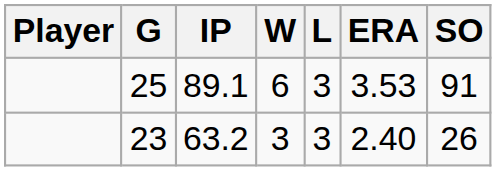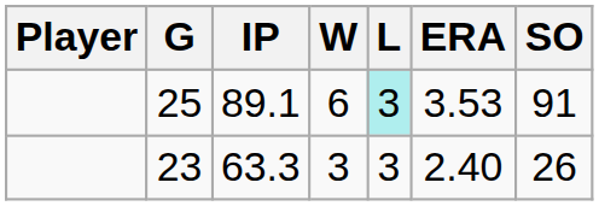 <table class="wikitable sortable">
 <tr>
 <th>Player</th>
 <th>G</th>
 <th>IP</th>
 <th>W</th>
 <th>L</th>
 <th>ERA</th>
 <th>SO</th>
 </tr>
 <tr align="center">
 <td></td>
 <td>25</td>
 <td>89.1</td>
 <td>6</td>
-<td>3</td>
+<td style="background: paleturquoise;">3</td>
 <td>3.53</td>
 <td>91</td>
 </tr>
 <tr align="center">
 <td></td>
 <td>23</td>
-<td>63.2</td>
+<td>63.3</td>
 <td>3</td>
 <td>3</td>
 <td>2.40</td>
 <td>26</td>
 </tr>
 </table>
